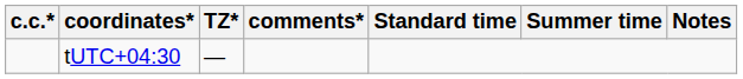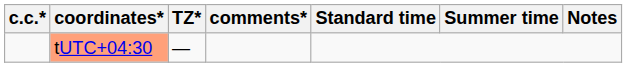 <table class="wikitable sortable">
 <tr>
 <th>c.c.*</th>
 <th>coordinates*</th>
 <th>TZ*</th>
 <th>comments*</th>
 <th>Standard time</th>
 <th>Summer time</th>
 <th>Notes</th>
 </tr>
 <tr>
 <td></td>
-<td><span>t</span><a href='#'>UTC+04:30</a></td>
+<td style="background: lightsalmon;"><span>t</span><a href='#'>UTC+04:30</a></td>
 <td>—</td>
 <td></td>
 </tr>
 </table>
